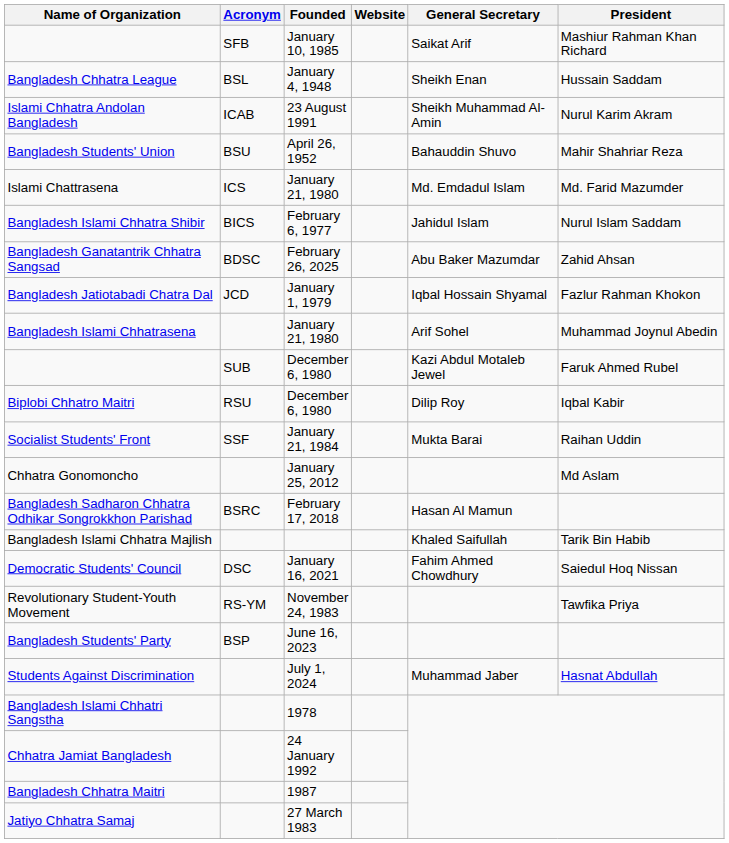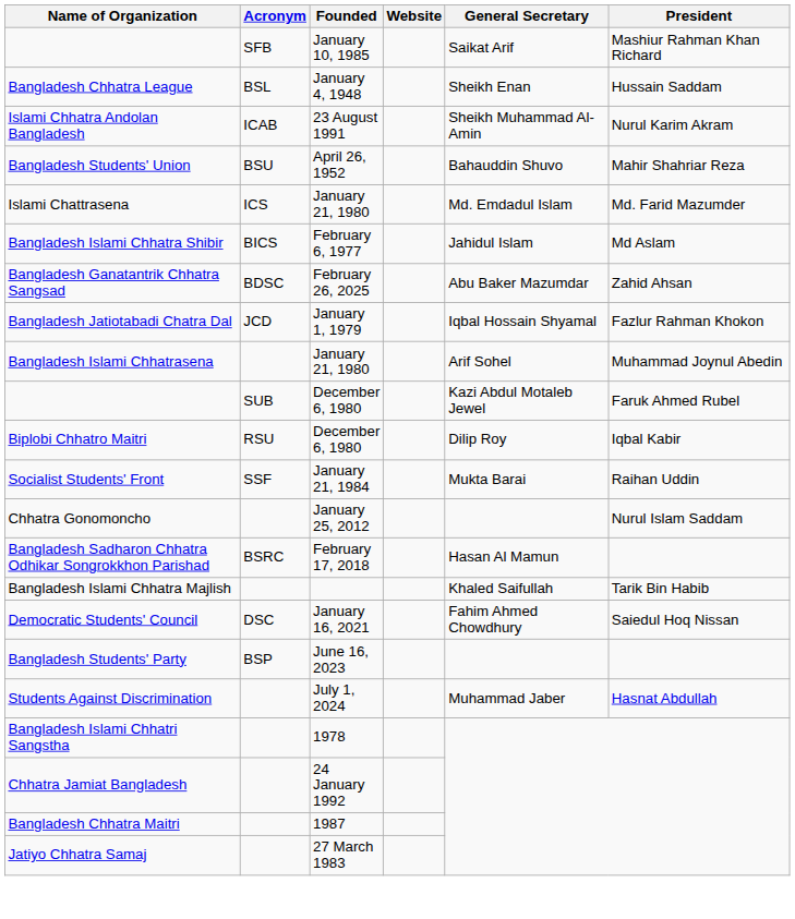 <table class="wikitable sortable">
 <tr>
 <th>Name of Organization</th>
 <th class="unsortable"><a href='#'>Acronym</a></th>
 <th>Founded</th>
 <th>Website</th>
 <th>General Secretary</th>
 <th>President</th>
 </tr>
 <tr>
 <td></td>
 <td>SFB</td>
 <td style="text-align:left;">January 10, 1985</td>
 <td></td>
 <td style="text-align:left;">Saikat Arif</td>
 <td style="text-align:left;">Mashiur Rahman Khan Richard</td>
 </tr>
 <tr>
 <td style="width:30%;"><a href='#'>Bangladesh Chhatra League</a></td>
 <td style="text-align:left; width:7%;">BSL</td>
 <td style="text-align:left; width:5%;">January 4, 1948</td>
 <td></td>
 <td style="text-align:left;">Sheikh Enan</td>
 <td style="text-align:left;">Hussain Saddam</td>
 </tr>
 <tr>
 <td><a href='#'>Islami Chhatra Andolan Bangladesh</a></td>
 <td>ICAB</td>
 <td style="text-align:left;">23 August 1991</td>
 <td></td>
 <td style="text-align:left;">Sheikh Muhammad Al-Amin</td>
 <td style="text-align:left;">Nurul Karim Akram</td>
 </tr>
 <tr>
 <td><a href='#'>Bangladesh Students' Union</a></td>
 <td style="text-align:left;">BSU</td>
 <td style="text-align:left;">April 26, 1952</td>
 <td></td>
 <td style="text-align:left;">Bahauddin Shuvo</td>
 <td style="text-align:left;">Mahir Shahriar Reza</td>
 </tr>
 <tr>
 <td>Islami Chattrasena</td>
 <td style="text-align:left;">ICS</td>
 <td style="text-align:left;">January 21, 1980</td>
 <td></td>
 <td style="text-align:left;">Md. Emdadul Islam</td>
 <td style="text-align:left;">Md. Farid Mazumder</td>
 </tr>
 <tr>
 <td><a href='#'>Bangladesh Islami Chhatra Shibir</a></td>
 <td style="text-align:left;">BICS</td>
 <td style="text-align:left;">February 6, 1977</td>
 <td></td>
 <td style="text-align:left;">Jahidul Islam</td>
-<td style="text-align:left;">Nurul Islam Saddam</td>
+<td style="text-align:left;">Md Aslam</td>
 </tr>
 <tr>
 <td><a href='#'>Bangladesh Ganatantrik Chhatra Sangsad</a></td>
 <td style="text-align:left;">BDSC</td>
 <td style="text-align:left;">February 26, 2025</td>
 <td></td>
 <td style="text-align:left;">Abu Baker Mazumdar </td>
 <td style="text-align:left;">Zahid Ahsan  </td>
 </tr>
 <tr>
 <td><a href='#'>Bangladesh Jatiotabadi Chatra Dal</a></td>
 <td style="text-align:left;">JCD</td>
 <td style="text-align:left;">January 1, 1979</td>
 <td></td>
 <td style="text-align:left;">Iqbal Hossain Shyamal</td>
 <td style="text-align:left;">Fazlur Rahman Khokon</td>
 </tr>
 <tr>
 <td><a href='#'>Bangladesh Islami Chhatrasena</a></td>
 <td></td>
 <td style="text-align:left;">January 21, 1980</td>
 <td></td>
 <td>Arif Sohel</td>
 <td style="text-align:left;">Muhammad Joynul Abedin</td>
 </tr>
 <tr>
 <td></td>
 <td style="text-align:left;">SUB</td>
 <td style="text-align:left;">December 6, 1980</td>
 <td></td>
 <td style="text-align:left;">Kazi Abdul Motaleb Jewel</td>
 <td style="text-align:left;">Faruk Ahmed Rubel</td>
 </tr>
 <tr>
 <td><a href='#'>Biplobi Chhatro Maitri</a></td>
 <td style="text-align:left;">RSU</td>
 <td style="text-align:left;">December 6, 1980</td>
 <td></td>
 <td style="text-align:left;">Dilip Roy</td>
 <td style="text-align:left;">Iqbal Kabir</td>
 </tr>
 <tr>
 <td><a href='#'>Socialist Students' Front</a></td>
 <td style="text-align:left;">SSF</td>
 <td style="text-align:left;">January 21, 1984</td>
 <td></td>
 <td style="text-align:left;">Mukta Barai</td>
 <td style="text-align:left;">Raihan Uddin</td>
 </tr>
 <tr>
 <td>Chhatra Gonomoncho</td>
 <td></td>
 <td style="text-align:left;">January 25, 2012</td>
 <td></td>
 <td></td>
-<td style="text-align:left;">Md Aslam</td>
+<td style="text-align:left;">Nurul Islam Saddam</td>
 </tr>
 <tr>
 <td><a href='#'>Bangladesh Sadharon Chhatra Odhikar Songrokkhon Parishad</a></td>
 <td>BSRC</td>
 <td>February 17, 2018</td>
 <td></td>
 <td>Hasan Al Mamun</td>
 <td></td>
 </tr>
 <tr>
 <td>Bangladesh Islami Chhatra Majlish</td>
 <td></td>
 <td></td>
 <td></td>
 <td style="text-align:left;">Khaled Saifullah</td>
 <td style="text-align:left;">Tarik Bin Habib</td>
 </tr>
 <tr>
 <td><a href='#'>Democratic Students' Council</a></td>
 <td style="text-align:left;">DSC</td>
 <td style="text-align:left;">January 16, 2021</td>
 <td></td>
 <td style="text-align:left;">Fahim Ahmed Chowdhury</td>
 <td style="text-align:left;">Saiedul Hoq Nissan</td>
-</tr>
-<tr>
-<td>Revolutionary Student-Youth Movement</td>
-<td style="text-align:left;">RS-YM</td>
-<td style="text-align:left;">November 24, 1983</td>
-<td></td>
-<td style="text-align:left;"></td>
-<td style="text-align:left;">Tawfika Priya</td>
 </tr>
 <tr>
 <td><a href='#'>Bangladesh Students' Party</a></td>
 <td style="text-allign:left;">BSP</td>
 <td>June 16, 2023</td>
 <td></td>
 <td></td>
 <td></td>
 </tr>
 <tr>
 <td><a href='#'>Students Against Discrimination</a></td>
 <td></td>
 <td>July 1, 2024</td>
 <td></td>
 <td style="text-align:left;">Muhammad Jaber</td>
 <td><a href='#'>Hasnat Abdullah</a></td>
 </tr>
 <tr>
 <td><a href='#'>Bangladesh Islami Chhatri Sangstha</a></td>
 <td></td>
 <td>1978</td>
 <td></td>
 </tr>
 <tr>
 <td><a href='#'>Chhatra Jamiat Bangladesh</a></td>
 <td></td>
 <td>24 January 1992</td>
 <td></td>
 </tr>
 <tr>
 <td><a href='#'>Bangladesh Chhatra Maitri</a></td>
 <td></td>
 <td>1987</td>
 <td></td>
 </tr>
 <tr>
 <td><a href='#'>Jatiyo Chhatra Samaj</a></td>
 <td></td>
 <td>27 March 1983</td>
 <td></td>
 </tr>
 </table>
